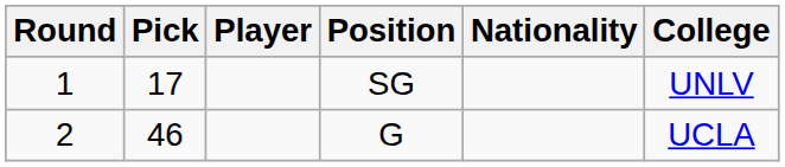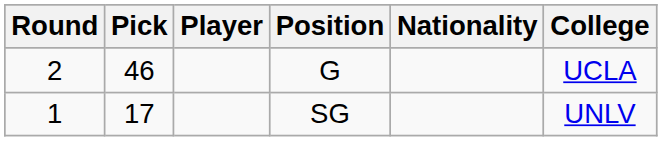 <table class="wikitable sortable sortable">
 <tr>
 <th>Round</th>
 <th>Pick</th>
 <th>Player</th>
 <th>Position</th>
 <th>Nationality</th>
 <th>College</th>
 </tr>
 <tr style="text-align: center">
+<td>2</td>
+<td>46</td>
+<td></td>
+<td>G</td>
+<td></td>
+<td><a href='#'>UCLA</a></td>
+</tr>
+<tr style="text-align: center">
 <td>1</td>
 <td>17</td>
 <td></td>
 <td>SG</td>
 <td></td>
 <td><a href='#'>UNLV</a></td>
 </tr>
-<tr style="text-align: center">
-<td>2</td>
-<td>46</td>
-<td></td>
-<td>G</td>
-<td></td>
-<td><a href='#'>UCLA</a></td>
-</tr>
 </table>
